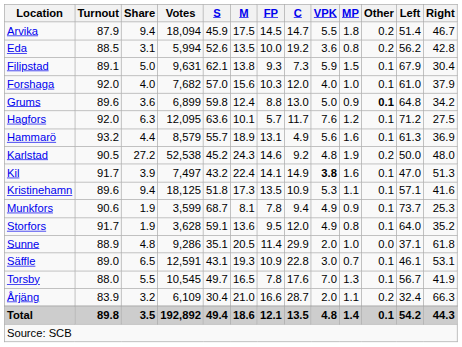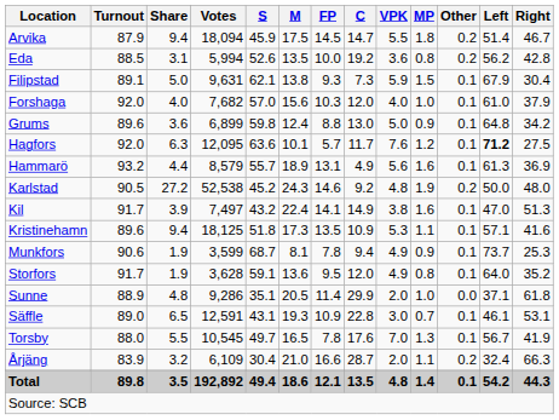 <table class="wikitable sortable" style=text-align:right>
 <tr>
 <th>Location</th>
 <th>Turnout</th>
 <th>Share</th>
 <th>Votes</th>
 <th><a href='#'>S</a></th>
 <th><a href='#'>M</a></th>
 <th><a href='#'>FP</a></th>
 <th><a href='#'>C</a></th>
 <th><a href='#'>VPK</a></th>
 <th><a href='#'>MP</a></th>
 <th>Other</th>
 <th>Left</th>
 <th>Right</th>
 </tr>
 <tr>
 <td align=left><a href='#'>Arvika</a></td>
 <td>87.9</td>
 <td>9.4</td>
 <td>18,094</td>
 <td>45.9</td>
 <td>17.5</td>
 <td>14.5</td>
 <td>14.7</td>
 <td>5.5</td>
 <td>1.8</td>
 <td>0.2</td>
 <td>51.4</td>
 <td>46.7</td>
 </tr>
 <tr>
 <td align=left><a href='#'>Eda</a></td>
 <td>88.5</td>
 <td>3.1</td>
 <td>5,994</td>
 <td>52.6</td>
 <td>13.5</td>
 <td>10.0</td>
 <td>19.2</td>
 <td>3.6</td>
 <td>0.8</td>
 <td>0.2</td>
 <td>56.2</td>
 <td>42.8</td>
 </tr>
 <tr>
 <td align=left><a href='#'>Filipstad</a></td>
 <td>89.1</td>
 <td>5.0</td>
 <td>9,631</td>
 <td>62.1</td>
 <td>13.8</td>
 <td>9.3</td>
 <td>7.3</td>
 <td>5.9</td>
 <td>1.5</td>
 <td>0.1</td>
 <td>67.9</td>
 <td>30.4</td>
 </tr>
 <tr>
 <td align=left><a href='#'>Forshaga</a></td>
 <td>92.0</td>
 <td>4.0</td>
 <td>7,682</td>
 <td>57.0</td>
 <td>15.6</td>
 <td>10.3</td>
 <td>12.0</td>
 <td>4.0</td>
 <td>1.0</td>
 <td>0.1</td>
 <td>61.0</td>
 <td>37.9</td>
 </tr>
 <tr>
 <td align=left><a href='#'>Grums</a></td>
 <td>89.6</td>
 <td>3.6</td>
 <td>6,899</td>
 <td>59.8</td>
 <td>12.4</td>
 <td>8.8</td>
 <td>13.0</td>
 <td>5.0</td>
 <td>0.9</td>
-<td><strong>0.1</strong></td>
+<td>0.1</td>
 <td>64.8</td>
 <td>34.2</td>
 </tr>
 <tr>
 <td align=left><a href='#'>Hagfors</a></td>
 <td>92.0</td>
 <td>6.3</td>
 <td>12,095</td>
 <td>63.6</td>
 <td>10.1</td>
 <td>5.7</td>
 <td>11.7</td>
 <td>7.6</td>
 <td>1.2</td>
 <td>0.1</td>
-<td>71.2</td>
+<td><strong>71.2</strong></td>
 <td>27.5</td>
 </tr>
 <tr>
 <td align=left><a href='#'>Hammarö</a></td>
 <td>93.2</td>
 <td>4.4</td>
 <td>8,579</td>
 <td>55.7</td>
 <td>18.9</td>
 <td>13.1</td>
 <td>4.9</td>
 <td>5.6</td>
 <td>1.6</td>
 <td>0.1</td>
 <td>61.3</td>
 <td>36.9</td>
 </tr>
 <tr>
 <td align=left><a href='#'>Karlstad</a></td>
 <td>90.5</td>
 <td>27.2</td>
 <td>52,538</td>
 <td>45.2</td>
 <td>24.3</td>
 <td>14.6</td>
 <td>9.2</td>
 <td>4.8</td>
 <td>1.9</td>
 <td>0.2</td>
 <td>50.0</td>
 <td>48.0</td>
 </tr>
 <tr>
 <td align=left><a href='#'>Kil</a></td>
 <td>91.7</td>
 <td>3.9</td>
 <td>7,497</td>
 <td>43.2</td>
 <td>22.4</td>
 <td>14.1</td>
 <td>14.9</td>
-<td><strong>3.8</strong></td>
+<td>3.8</td>
 <td>1.6</td>
 <td>0.1</td>
 <td>47.0</td>
 <td>51.3</td>
 </tr>
 <tr>
 <td align=left><a href='#'>Kristinehamn</a></td>
 <td>89.6</td>
 <td>9.4</td>
 <td>18,125</td>
 <td>51.8</td>
 <td>17.3</td>
 <td>13.5</td>
 <td>10.9</td>
 <td>5.3</td>
 <td>1.1</td>
 <td>0.1</td>
 <td>57.1</td>
 <td>41.6</td>
 </tr>
 <tr>
 <td align=left><a href='#'>Munkfors</a></td>
 <td>90.6</td>
 <td>1.9</td>
 <td>3,599</td>
 <td>68.7</td>
 <td>8.1</td>
 <td>7.8</td>
 <td>9.4</td>
 <td>4.9</td>
 <td>0.9</td>
 <td>0.1</td>
 <td>73.7</td>
 <td>25.3</td>
 </tr>
 <tr>
 <td align=left><a href='#'>Storfors</a></td>
 <td>91.7</td>
 <td>1.9</td>
 <td>3,628</td>
 <td>59.1</td>
 <td>13.6</td>
 <td>9.5</td>
 <td>12.0</td>
 <td>4.9</td>
 <td>0.8</td>
 <td>0.1</td>
 <td>64.0</td>
 <td>35.2</td>
 </tr>
 <tr>
 <td align=left><a href='#'>Sunne</a></td>
 <td>88.9</td>
 <td>4.8</td>
 <td>9,286</td>
 <td>35.1</td>
 <td>20.5</td>
 <td>11.4</td>
 <td>29.9</td>
 <td>2.0</td>
 <td>1.0</td>
 <td>0.0</td>
 <td>37.1</td>
 <td>61.8</td>
 </tr>
 <tr>
 <td align=left><a href='#'>Säffle</a></td>
 <td>89.0</td>
 <td>6.5</td>
 <td>12,591</td>
 <td>43.1</td>
 <td>19.3</td>
 <td>10.9</td>
 <td>22.8</td>
 <td>3.0</td>
 <td>0.7</td>
 <td>0.1</td>
 <td>46.1</td>
 <td>53.1</td>
 </tr>
 <tr>
 <td align=left><a href='#'>Torsby</a></td>
 <td>88.0</td>
 <td>5.5</td>
 <td>10,545</td>
 <td>49.7</td>
 <td>16.5</td>
 <td>7.8</td>
 <td>17.6</td>
 <td>7.0</td>
 <td>1.3</td>
 <td>0.1</td>
 <td>56.7</td>
 <td>41.9</td>
 </tr>
 <tr>
 <td align=left><a href='#'>Årjäng</a></td>
 <td>83.9</td>
 <td>3.2</td>
 <td>6,109</td>
 <td>30.4</td>
 <td>21.0</td>
 <td>16.6</td>
 <td>28.7</td>
 <td>2.0</td>
 <td>1.1</td>
 <td>0.2</td>
 <td>32.4</td>
 <td>66.3</td>
 </tr>
 <tr>
 </tr>
 <tr style="background:#CDCDCD;">
 <td align=left><strong>Total</strong></td>
 <td><strong>89.8</strong></td>
 <td><strong>3.5</strong></td>
 <td><strong>192,892</strong></td>
 <td><strong>49.4</strong></td>
 <td><strong>18.6</strong></td>
 <td><strong>12.1</strong></td>
 <td><strong>13.5</strong></td>
 <td><strong>4.8</strong></td>
 <td><strong>1.4</strong></td>
 <td><strong>0.1</strong></td>
 <td><strong>54.2</strong></td>
 <td><strong>44.3</strong></td>
 </tr>
 <tr>
 <td align=left colspan=13>Source: SCB </td>
 </tr>
 </table>
